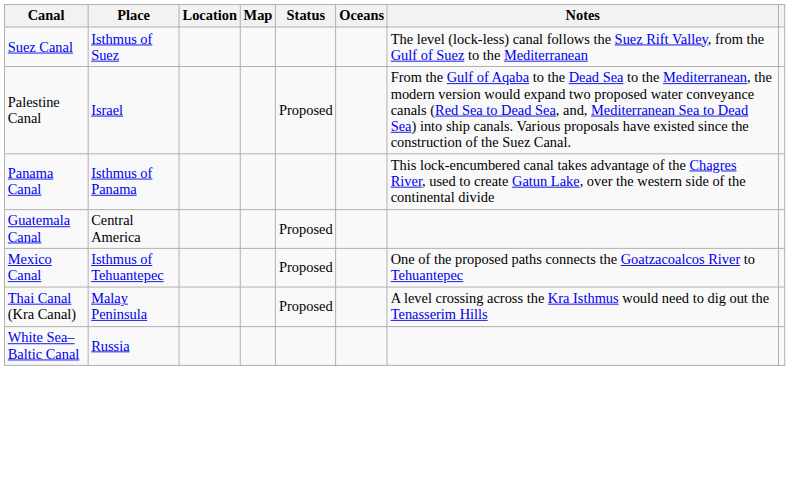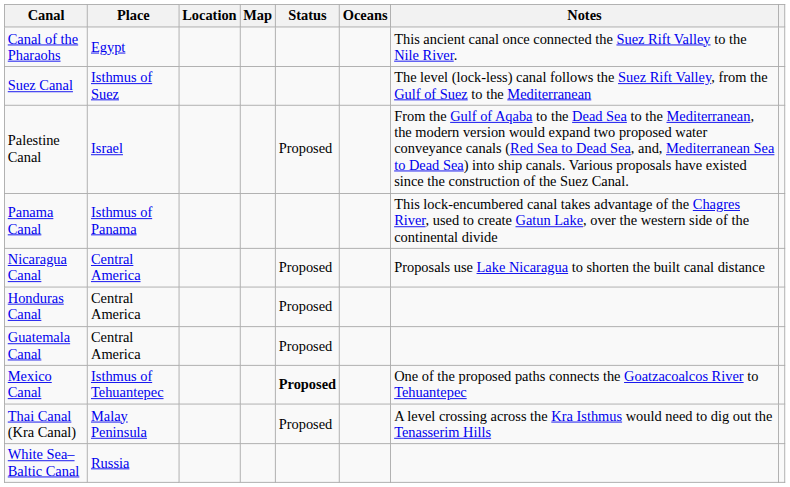 <table class="wikitable sortable">
 <tr>
 <th>Canal</th>
 <th>Place</th>
 <th>Location</th>
 <th>Map</th>
 <th>Status</th>
 <th>Oceans</th>
 <th>Notes</th>
 <th></th>
+</tr>
+<tr>
+<td><a href='#'>Canal of the Pharaohs</a></td>
+<td><a href='#'>Egypt</a></td>
+<td></td>
+<td></td>
+<td></td>
+<td></td>
+<td>This ancient canal once connected the <a href='#'>Suez Rift Valley</a> to the <a href='#'>Nile River</a>.</td>
+<td><br></td>
 </tr>
 <tr>
 <td><a href='#'>Suez Canal</a></td>
 <td><a href='#'>Isthmus of Suez</a></td>
 <td></td>
 <td></td>
 <td></td>
 <td></td>
 <td>The level (lock-less) canal follows the <a href='#'>Suez Rift Valley</a>, from the <a href='#'>Gulf of Suez</a> to the <a href='#'>Mediterranean</a></td>
 <td><br> </td>
 </tr>
 <tr>
 <td>Palestine Canal</td>
 <td><a href='#'>Israel</a></td>
 <td></td>
 <td></td>
 <td>Proposed</td>
 <td></td>
 <td>From the <a href='#'>Gulf of Aqaba</a> to the <a href='#'>Dead Sea</a> to the <a href='#'>Mediterranean</a>, the modern version would expand two proposed water conveyance canals (<a href='#'>Red Sea to Dead Sea</a>, and, <a href='#'>Mediterranean Sea to Dead Sea</a>) into ship canals. Various proposals have existed since the construction of the Suez Canal.</td>
 <td><br> </td>
 </tr>
 <tr>
 <td><a href='#'>Panama Canal</a></td>
 <td><a href='#'>Isthmus of Panama</a></td>
 <td></td>
 <td></td>
 <td></td>
 <td></td>
 <td>This lock-encumbered canal takes advantage of the <a href='#'>Chagres River</a>, used to create <a href='#'>Gatun Lake</a>, over the western side of the continental divide</td>
 <td><br>  </td>
 </tr>
 <tr>
+<td><a href='#'>Nicaragua Canal</a></td>
+<td><a href='#'>Central America</a></td>
+<td></td>
+<td></td>
+<td>Proposed</td>
+<td></td>
+<td>Proposals use <a href='#'>Lake Nicaragua</a> to shorten the built canal distance</td>
+<td><br>    </td>
+</tr>
+<tr>
+<td><a href='#'>Honduras Canal</a></td>
+<td>Central America</td>
+<td></td>
+<td></td>
+<td>Proposed</td>
+<td></td>
+<td></td>
+<td><br> </td>
+</tr>
+<tr>
 <td><a href='#'>Guatemala Canal</a></td>
 <td>Central America</td>
 <td></td>
 <td></td>
 <td>Proposed</td>
 <td></td>
 <td></td>
 <td><br> </td>
 </tr>
 <tr>
 <td><a href='#'>Mexico Canal</a></td>
 <td><a href='#'>Isthmus of Tehuantepec</a></td>
 <td></td>
 <td></td>
-<td>Proposed</td>
+<td><strong>Proposed</strong></td>
 <td></td>
 <td>One of the proposed paths connects the <a href='#'>Goatzacoalcos River</a> to <a href='#'>Tehuantepec</a></td>
 <td><br> </td>
 </tr>
 <tr>
 <td><a href='#'>Thai Canal</a> (Kra Canal)</td>
 <td><a href='#'>Malay Peninsula</a></td>
 <td></td>
 <td></td>
 <td>Proposed</td>
 <td></td>
 <td>A level crossing across the <a href='#'>Kra Isthmus</a> would need to dig out the <a href='#'>Tenasserim Hills</a></td>
 <td><br></td>
 </tr>
 <tr>
 <td><a href='#'>White Sea–Baltic Canal</a></td>
 <td><a href='#'>Russia</a></td>
 <td></td>
 <td></td>
 <td></td>
 <td></td>
 <td></td>
 <td></td>
 </tr>
 </table>
